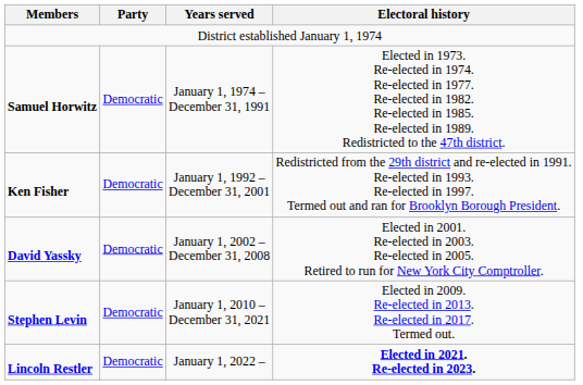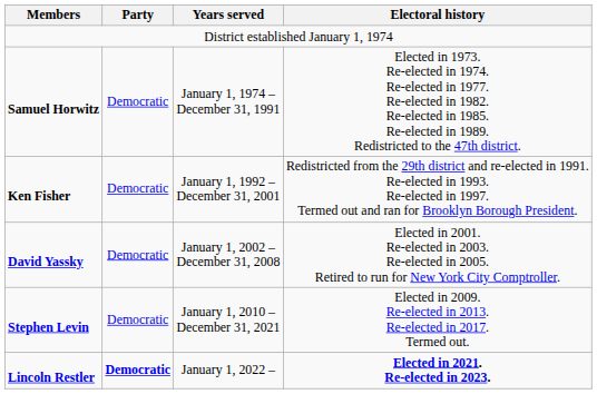 <table class=wikitable style="text-align:center">
 <tr>
 <th>Members</th>
 <th>Party</th>
 <th>Years served</th>
 <th>Electoral history</th>
 </tr>
 <tr>
 <td colspan=5>District established January 1, 1974</td>
 </tr>
 <tr>
 <td align=left><br><strong>Samuel Horwitz</strong><br></td>
 <td><a href='#'>Democratic</a></td>
 <td>January 1, 1974 – <br> December 31, 1991</td>
 <td>Elected in 1973. <br> Re-elected in 1974. <br> Re-elected in 1977. <br> Re-elected in 1982. <br> Re-elected in 1985. <br> Re-elected in 1989. <br> Redistricted to the <a href='#'>47th district</a>.</td>
 </tr>
 <tr>
 <td align=left><br><strong>Ken Fisher</strong><br></td>
 <td><a href='#'>Democratic</a></td>
 <td>January 1, 1992 – <br> December 31, 2001</td>
 <td>Redistricted from the <a href='#'>29th district</a> and re-elected in 1991. <br> Re-elected in 1993. <br> Re-elected in 1997. <br> Termed out and ran for <a href='#'>Brooklyn Borough President</a>.</td>
 </tr>
 <tr>
 <td align=left> <br> <strong><a href='#'>David Yassky</a></strong> <br> </td>
 <td><a href='#'>Democratic</a></td>
 <td>January 1, 2002 – <br> December 31, 2008</td>
 <td>Elected in 2001. <br> Re-elected in 2003. <br> Re-elected in 2005. <br> Retired to run for <a href='#'>New York City Comptroller</a>.</td>
 </tr>
 <tr>
 <td align=left><br><strong><a href='#'>Stephen Levin</a></strong><br></td>
 <td><a href='#'>Democratic</a></td>
 <td>January 1, 2010 – <br> December 31, 2021</td>
 <td>Elected in 2009. <br> <a href='#'>Re-elected in 2013</a>. <br> <a href='#'>Re-elected in 2017</a>. <br> Termed out.</td>
 </tr>
 <tr>
 <td align=left><br><strong><a href='#'>Lincoln Restler</a></strong><br></td>
-<td><a href='#'>Democratic</a></td>
+<td><strong><a href='#'>Democratic</a></strong></td>
 <td>January 1, 2022 – <br></td>
 <td><strong><a href='#'>Elected in 2021</a>.<br> <a href='#'>Re-elected in 2023</a>.</strong></td>
 </tr>
 </table>
